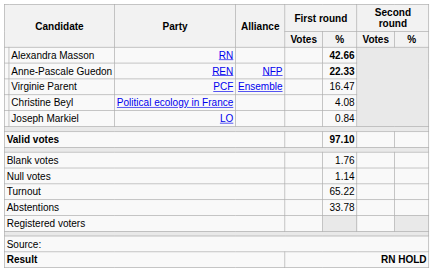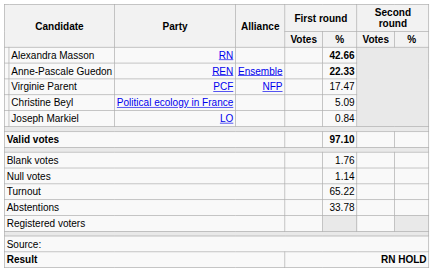 <table class="wikitable" style="text-align:right;font-size:95%;">
 <tr>
 <th colspan="2" rowspan="2">Candidate</th>
 <th colspan="1" rowspan="2">Party</th>
 <th colspan="1" rowspan="2">Alliance</th>
 <th colspan="2">First round</th>
 <th colspan="2">Second round</th>
 </tr>
 <tr>
 <th style="width:50px;">Votes</th>
 <th style="width:45px;">%</th>
 <th style="width:50px;">Votes</th>
 <th style="width:45px;">%</th>
 </tr>
 <tr>
 <td style="color:inherit;background:"></td>
 <td style="text-align:left;">Alexandra Masson</td>
 <td><a href='#'>RN</a></td>
 <td></td>
 <td><strong></strong></td>
 <td><strong>42.66</strong></td>
 <td colspan="2" rowspan="5" style="background:#E9E9E9;"></td>
 </tr>
 <tr>
 <td style="color:inherit;background:"></td>
 <td style="text-align:left;">Anne-Pascale Guedon</td>
 <td><a href='#'>REN</a></td>
-<td><a href='#'>NFP</a></td>
+<td><a href='#'>Ensemble</a></td>
 <td></td>
 <td><strong>22.33</strong></td>
 </tr>
 <tr>
 <td style="color:inherit;background:"></td>
 <td style="text-align:left;">Virginie Parent</td>
 <td><a href='#'>PCF</a></td>
-<td><a href='#'>Ensemble</a></td>
+<td><a href='#'>NFP</a></td>
 <td></td>
-<td>16.47</td>
+<td>17.47</td>
 </tr>
 <tr>
 <td style="color:inherit;background:"></td>
 <td style="text-align:left;">Christine Beyl</td>
 <td><a href='#'>Political ecology in France</a></td>
 <td></td>
 <td></td>
-<td>4.08</td>
+<td>5.09</td>
 </tr>
 <tr>
 <td style="color:inherit;background:"></td>
 <td style="text-align:left;">Joseph Markiel</td>
 <td><a href='#'>LO</a></td>
 <td></td>
 <td></td>
 <td>0.84</td>
 </tr>
 <tr>
 <td colspan="8" style="background:#E9E9E9;"></td>
 </tr>
 <tr style="font-weight:bold;">
 <td colspan="4" style="text-align:left;">Valid votes</td>
 <td></td>
 <td>97.10</td>
 <td></td>
 <td></td>
 </tr>
 <tr>
 <td colspan="8" style="background:#E9E9E9;"></td>
 </tr>
 <tr>
 <td colspan="4" style="text-align:left;">Blank votes</td>
 <td></td>
 <td>1.76</td>
 <td></td>
 <td></td>
 </tr>
 <tr>
 <td colspan="4" style="text-align:left;">Null votes</td>
 <td></td>
 <td>1.14</td>
 <td></td>
 <td></td>
 </tr>
 <tr>
 <td colspan="4" style="text-align:left;">Turnout</td>
 <td></td>
 <td>65.22</td>
 <td></td>
 <td></td>
 </tr>
 <tr>
 <td colspan="4" style="text-align:left;">Abstentions</td>
 <td></td>
 <td>33.78</td>
 <td></td>
 <td></td>
 </tr>
 <tr>
 <td colspan="4" style="text-align:left;">Registered voters</td>
 <td></td>
 <td style="background:#E9E9E9;"></td>
 <td></td>
 <td style="background:#E9E9E9;"></td>
 </tr>
 <tr>
 <td colspan="8" style="background:#E9E9E9;"></td>
 </tr>
 <tr>
 <td colspan="8" style="text-align:left;">Source: </td>
 </tr>
 <tr style="font-weight:bold">
 <td colspan="4" style="text-align:left;">Result</td>
 <td colspan="4" style="background-color:">RN HOLD</td>
 </tr>
 </table>
